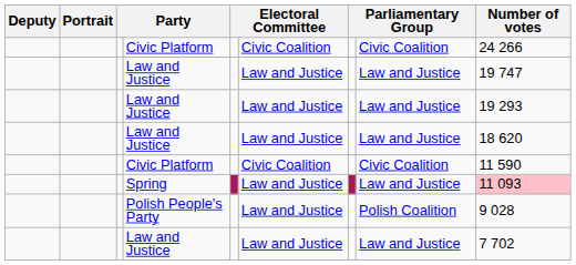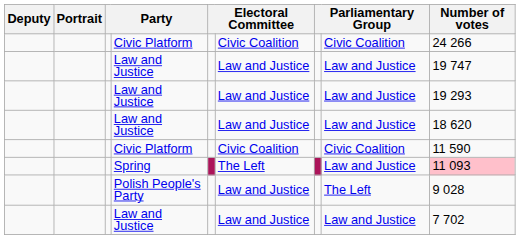 <table class="wikitable sortable" style="font-size:95%;line-height:14px;">
 <tr>
 <th>Deputy</th>
 <th>Portrait</th>
 <th colspan="2">Party</th>
 <th colspan="2">Electoral Committee</th>
 <th colspan="2">Parliamentary Group</th>
 <th>Number of votes</th>
 </tr>
 <tr>
 <td></td>
 <td></td>
 <td style="background:"></td>
 <td><a href='#'>Civic Platform</a></td>
 <td style="background:"></td>
 <td><a href='#'>Civic Coalition</a></td>
 <td style="background:"></td>
 <td><a href='#'>Civic Coalition</a></td>
 <td>24 266</td>
 </tr>
 <tr>
 <td></td>
 <td></td>
 <td style="background:"></td>
 <td><a href='#'>Law and Justice</a></td>
 <td style="background:"></td>
 <td><a href='#'>Law and Justice</a></td>
 <td style="background:"></td>
 <td><a href='#'>Law and Justice</a></td>
 <td>19 747</td>
 </tr>
 <tr>
 <td></td>
 <td></td>
 <td style="background:"></td>
 <td><a href='#'>Law and Justice</a></td>
 <td style="background:"></td>
 <td><a href='#'>Law and Justice</a></td>
 <td style="background:"></td>
 <td><a href='#'>Law and Justice</a></td>
 <td>19 293</td>
 </tr>
 <tr>
 <td></td>
 <td></td>
 <td style="background:"></td>
 <td><a href='#'>Law and Justice</a></td>
 <td style="background:"></td>
 <td><a href='#'>Law and Justice</a></td>
 <td style="background:"></td>
 <td><a href='#'>Law and Justice</a></td>
 <td>18 620</td>
 </tr>
 <tr>
 <td></td>
 <td></td>
 <td style="background:"></td>
 <td><a href='#'>Civic Platform</a></td>
 <td style="background:"></td>
 <td><a href='#'>Civic Coalition</a></td>
 <td style="background:"></td>
 <td><a href='#'>Civic Coalition</a></td>
 <td>11 590</td>
 </tr>
 <tr>
 <td></td>
 <td></td>
 <td style="background:"></td>
 <td><a href='#'>Spring</a></td>
 <td style="background:#AC145A;"></td>
-<td><a href='#'>Law and Justice</a></td>
+<td><a href='#'>The Left</a></td>
 <td style="background:#AC145A;"></td>
 <td><a href='#'>Law and Justice</a></td>
 <td style="background: pink;">11 093</td>
 </tr>
 <tr>
 <td></td>
 <td></td>
 <td style="background:"></td>
 <td><a href='#'>Polish People's Party</a></td>
 <td style="background:"></td>
 <td><a href='#'>Law and Justice</a></td>
 <td style="background:"></td>
-<td><a href='#'>Polish Coalition</a></td>
+<td><a href='#'>The Left</a></td>
 <td>9 028</td>
 </tr>
 <tr>
 <td></td>
 <td></td>
 <td style="background:"></td>
 <td><a href='#'>Law and Justice</a></td>
 <td style="background:"></td>
 <td><a href='#'>Law and Justice</a></td>
 <td style="background:"></td>
 <td><a href='#'>Law and Justice</a></td>
 <td>7 702</td>
 </tr>
 </table>
